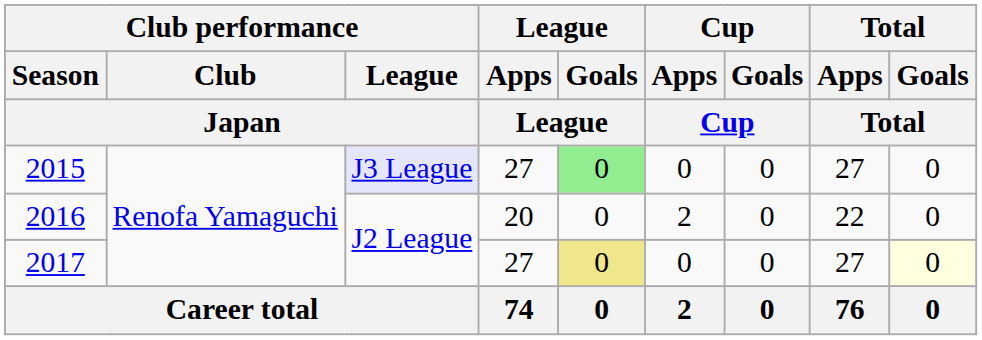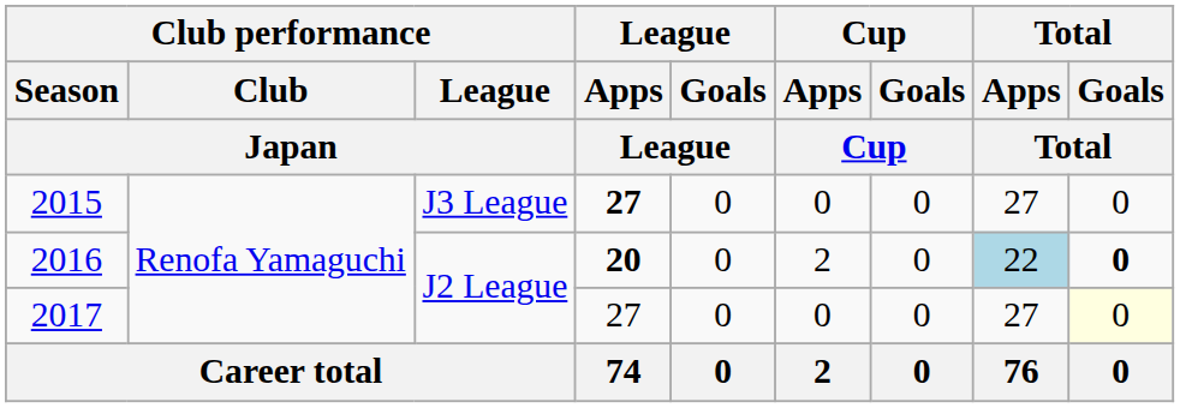 <table class="wikitable" style="text-align:center">
 <tr>
 <th colspan=3>Club performance</th>
 <th colspan=2>League</th>
 <th colspan=2>Cup</th>
 <th colspan=2>Total</th>
 </tr>
 <tr>
 <th>Season</th>
 <th>Club</th>
 <th>League</th>
 <th>Apps</th>
 <th>Goals</th>
 <th>Apps</th>
 <th>Goals</th>
 <th>Apps</th>
 <th>Goals</th>
 </tr>
 <tr>
 <th colspan=3>Japan</th>
 <th colspan=2>League</th>
 <th colspan=2><a href='#'>Cup</a></th>
 <th colspan=2>Total</th>
 </tr>
 <tr>
 <td><a href='#'>2015</a></td>
 <td rowspan="3"><a href='#'>Renofa Yamaguchi</a></td>
-<td style="background: lavender;"><a href='#'>J3 League</a></td>
-<td>27</td>
-<td style="background: lightgreen;">0</td>
+<td><a href='#'>J3 League</a></td>
+<td><strong>27</strong></td>
+<td>0</td>
 <td>0</td>
 <td>0</td>
 <td>27</td>
 <td>0</td>
 </tr>
 <tr>
 <td><a href='#'>2016</a></td>
 <td rowspan="2"><a href='#'>J2 League</a></td>
-<td>20</td>
+<td><strong>20</strong></td>
 <td>0</td>
 <td>2</td>
 <td>0</td>
-<td>22</td>
-<td>0</td>
+<td style="background: lightblue;">22</td>
+<td><strong>0</strong></td>
 </tr>
 <tr>
 <td><a href='#'>2017</a></td>
 <td>27</td>
-<td style="background: khaki;">0</td>
+<td>0</td>
 <td>0</td>
 <td>0</td>
 <td>27</td>
 <td style="background: lightyellow;">0</td>
 </tr>
 <tr>
 <th colspan=3>Career total</th>
 <th>74</th>
 <th>0</th>
 <th>2</th>
 <th>0</th>
 <th>76</th>
 <th>0</th>
 </tr>
 </table>
